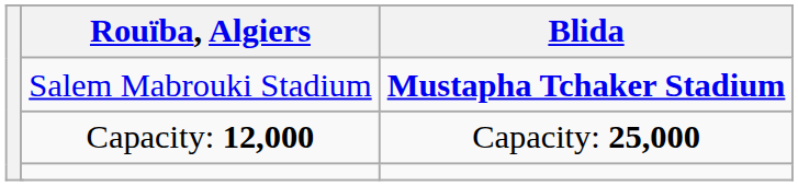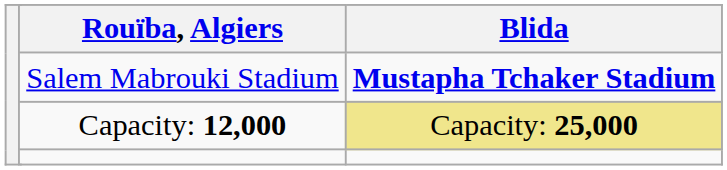 <table class="wikitable" style="margin:1em auto; text-align:center">
 <tr>
 <th rowspan="8" colspan="2"></th>
 <th><a href='#'>Rouïba</a>, <a href='#'>Algiers</a></th>
 <th><a href='#'>Blida</a></th>
 </tr>
 <tr>
 <td><a href='#'>Salem Mabrouki Stadium</a></td>
 <td><strong><a href='#'>Mustapha Tchaker Stadium</a></strong></td>
 </tr>
 <tr>
 <td>Capacity: <strong>12,000</strong></td>
-<td>Capacity: <strong>25,000</strong></td>
+<td style="background: khaki;">Capacity: <strong>25,000</strong></td>
 </tr>
 <tr>
 <td></td>
 <td></td>
 </tr>
 </table>
